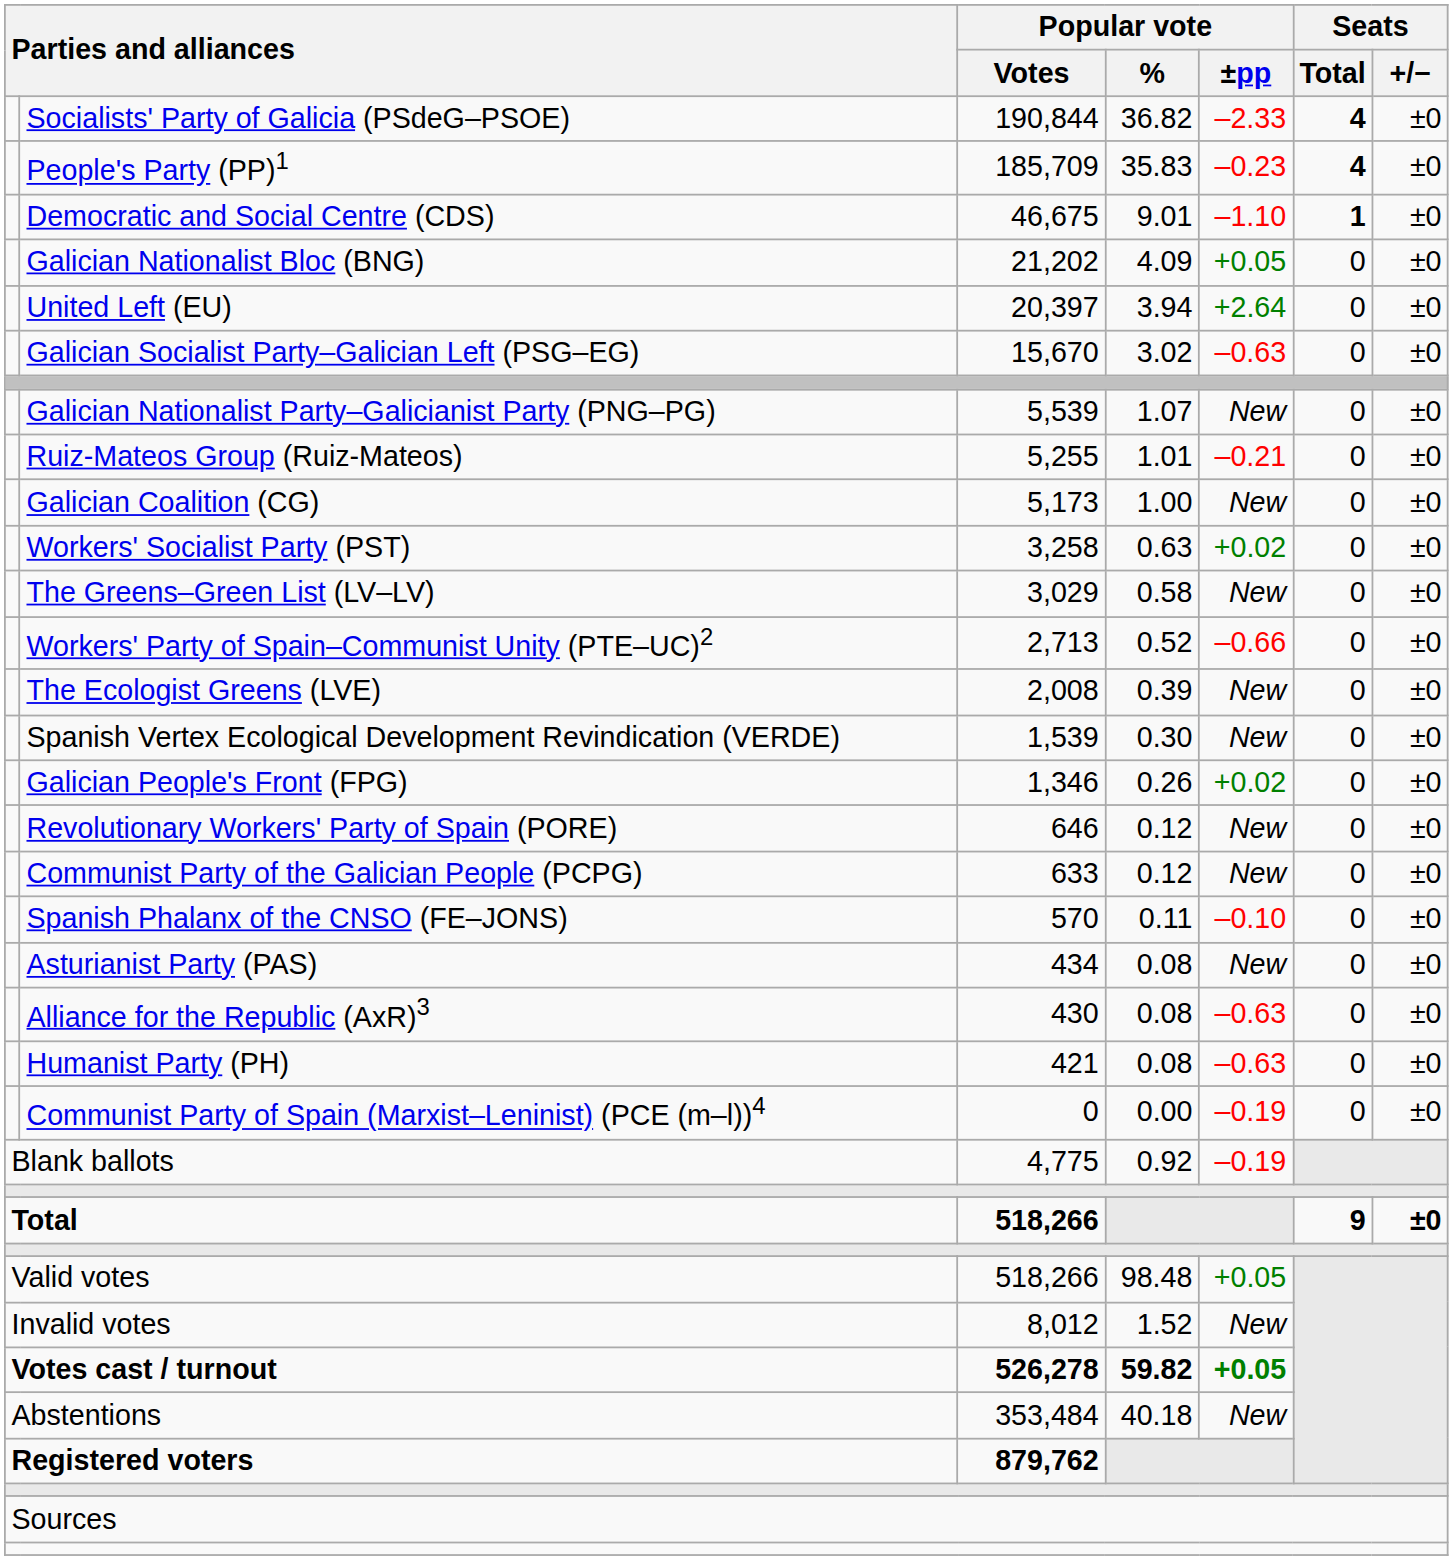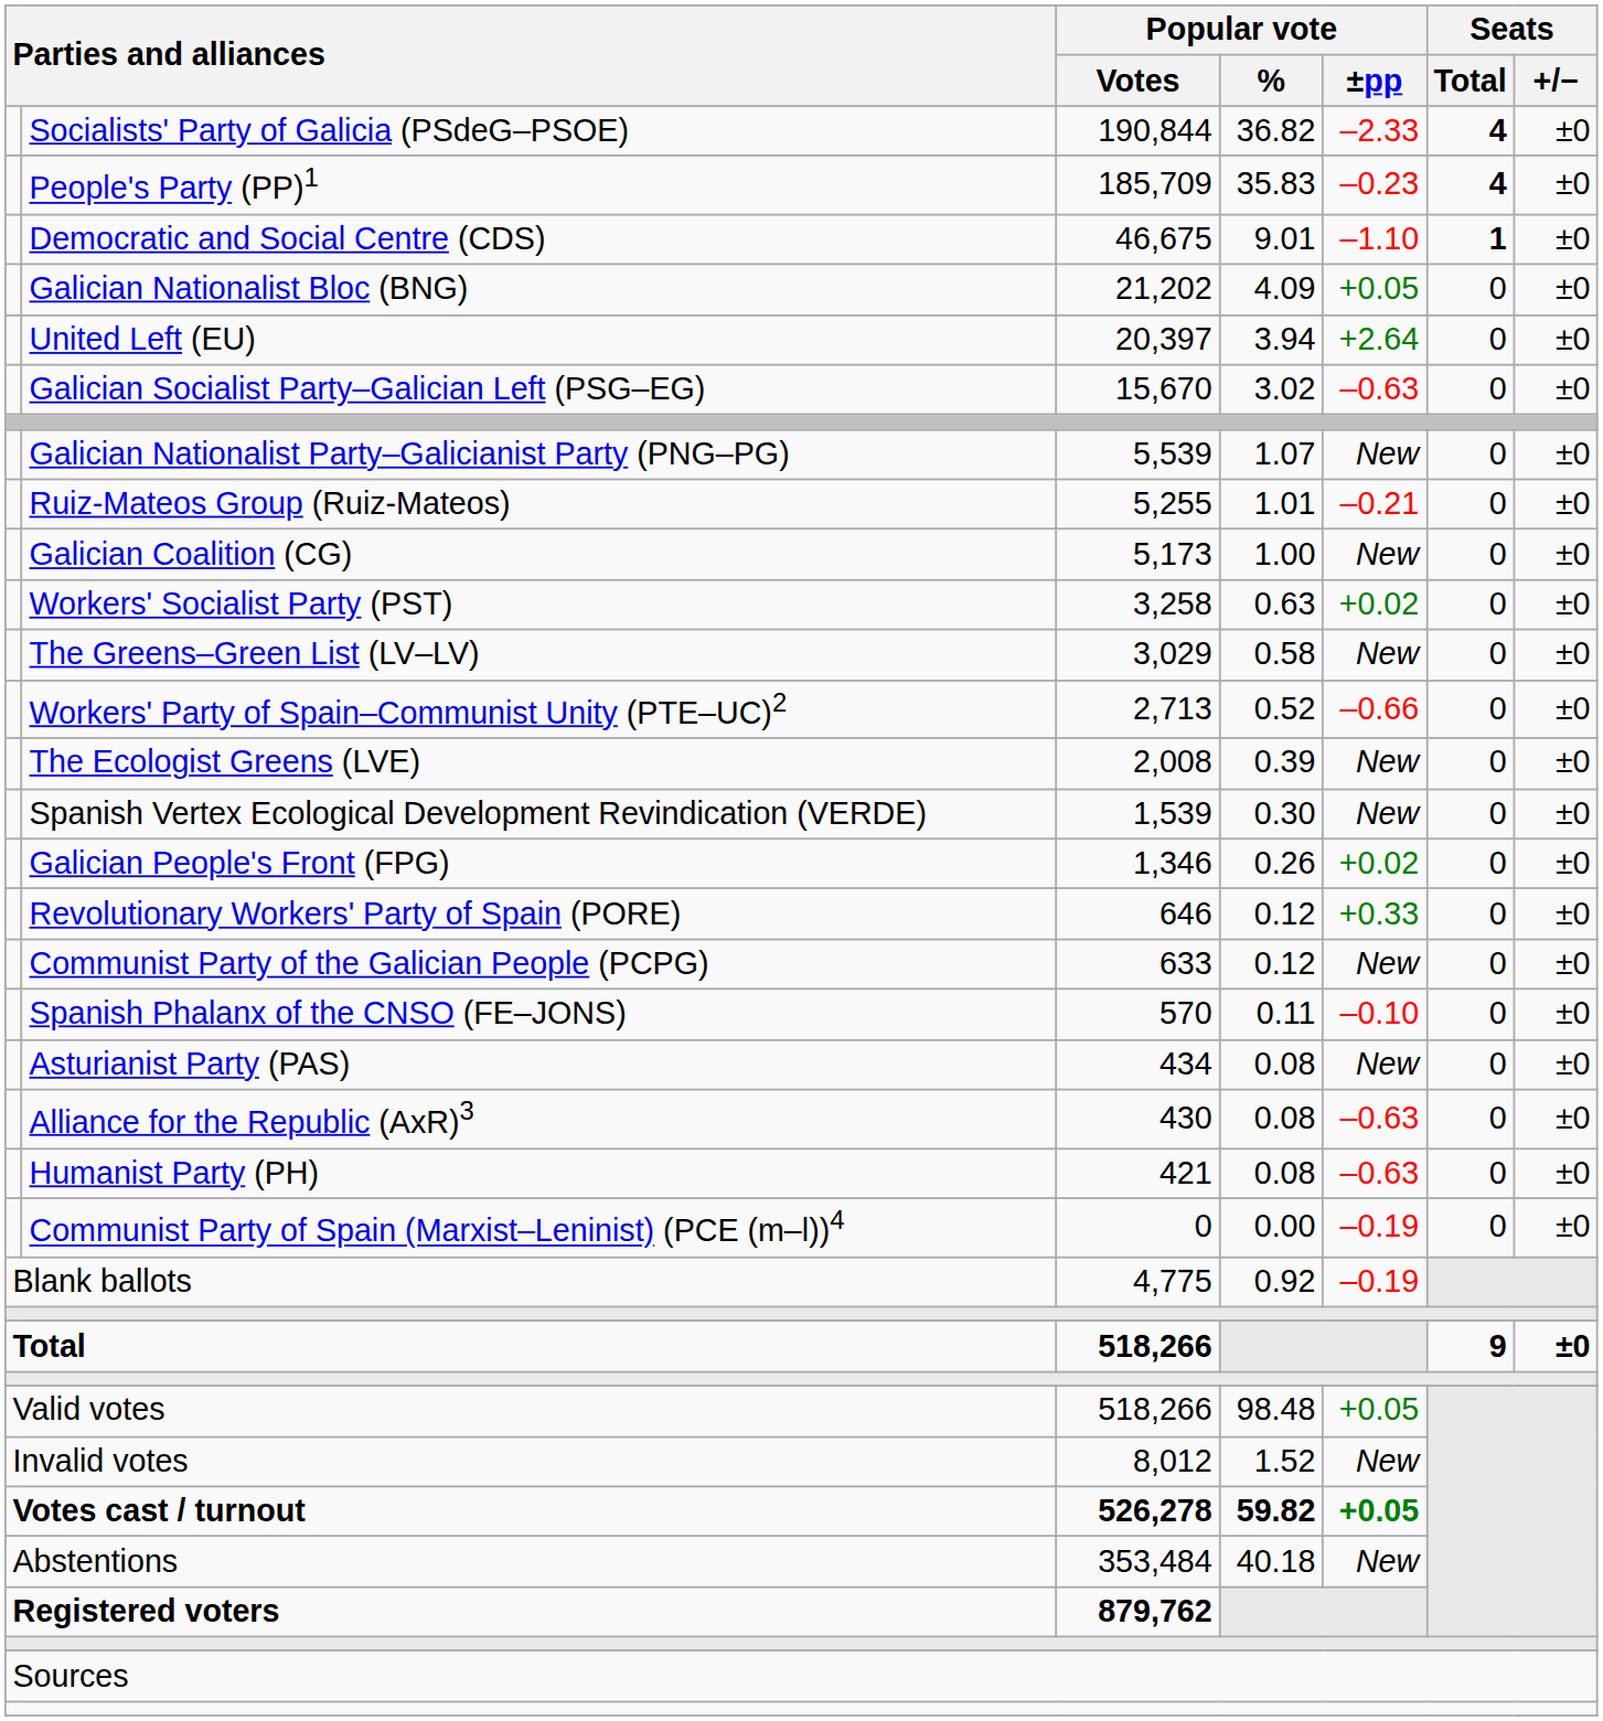 <table class="wikitable" style="text-align:right;">
 <tr>
 <th style="text-align:left;" rowspan="2" colspan="2" width="525">Parties and alliances</th>
 <th colspan="3">Popular vote</th>
 <th colspan="2">Seats</th>
 </tr>
 <tr>
 <th width="75">Votes</th>
 <th width="45">%</th>
 <th width="45">±<a href='#'>pp</a></th>
 <th width="35">Total</th>
 <th width="35">+/−</th>
 </tr>
 <tr>
 <td width="1" style="color:inherit;background:"></td>
 <td align="left"><a href='#'>Socialists' Party of Galicia</a> (PSdeG–PSOE)</td>
 <td>190,844</td>
 <td>36.82</td>
 <td style="color:red;">–2.33</td>
 <td><strong>4</strong></td>
 <td>±0</td>
 </tr>
 <tr>
 <td style="color:inherit;background:"></td>
 <td align="left"><a href='#'>People's Party</a> (PP)<sup>1</sup></td>
 <td>185,709</td>
 <td>35.83</td>
 <td style="color:red;">–0.23</td>
 <td><strong>4</strong></td>
 <td>±0</td>
 </tr>
 <tr>
 <td style="color:inherit;background:"></td>
 <td align="left"><a href='#'>Democratic and Social Centre</a> (CDS)</td>
 <td>46,675</td>
 <td>9.01</td>
 <td style="color:red;">–1.10</td>
 <td><strong>1</strong></td>
 <td>±0</td>
 </tr>
 <tr>
 <td style="color:inherit;background:"></td>
 <td align="left"><a href='#'>Galician Nationalist Bloc</a> (BNG)</td>
 <td>21,202</td>
 <td>4.09</td>
 <td style="color:green;">+0.05</td>
 <td>0</td>
 <td>±0</td>
 </tr>
 <tr>
 <td style="color:inherit;background:"></td>
 <td align="left"><a href='#'>United Left</a> (EU)</td>
 <td>20,397</td>
 <td>3.94</td>
 <td style="color:green;">+2.64</td>
 <td>0</td>
 <td>±0</td>
 </tr>
 <tr>
 <td style="color:inherit;background:"></td>
 <td align="left"><a href='#'>Galician Socialist Party–Galician Left</a> (PSG–EG)</td>
 <td>15,670</td>
 <td>3.02</td>
 <td style="color:red;">–0.63</td>
 <td>0</td>
 <td>±0</td>
 </tr>
 <tr>
 <td colspan="7" bgcolor="#C0C0C0"></td>
 </tr>
 <tr>
 <td style="color:inherit;background:"></td>
 <td align="left"><a href='#'>Galician Nationalist Party–Galicianist Party</a> (PNG–PG)</td>
 <td>5,539</td>
 <td>1.07</td>
 <td><em>New</em></td>
 <td>0</td>
 <td>±0</td>
 </tr>
 <tr>
 <td style="color:inherit;background:"></td>
 <td align="left"><a href='#'>Ruiz-Mateos Group</a> (Ruiz-Mateos)</td>
 <td>5,255</td>
 <td>1.01</td>
 <td style="color:red;">–0.21</td>
 <td>0</td>
 <td>±0</td>
 </tr>
 <tr>
 <td style="color:inherit;background:"></td>
 <td align="left"><a href='#'>Galician Coalition</a> (CG)</td>
 <td>5,173</td>
 <td>1.00</td>
 <td><em>New</em></td>
 <td>0</td>
 <td>±0</td>
 </tr>
 <tr>
 <td style="color:inherit;background:"></td>
 <td align="left"><a href='#'>Workers' Socialist Party</a> (PST)</td>
 <td>3,258</td>
 <td>0.63</td>
 <td style="color:green;">+0.02</td>
 <td>0</td>
 <td>±0</td>
 </tr>
 <tr>
 <td style="color:inherit;background:"></td>
 <td align="left"><a href='#'>The Greens–Green List</a> (LV–LV)</td>
 <td>3,029</td>
 <td>0.58</td>
 <td><em>New</em></td>
 <td>0</td>
 <td>±0</td>
 </tr>
 <tr>
 <td style="color:inherit;background:"></td>
 <td align="left"><a href='#'>Workers' Party of Spain–Communist Unity</a> (PTE–UC)<sup>2</sup></td>
 <td>2,713</td>
 <td>0.52</td>
 <td style="color:red;">–0.66</td>
 <td>0</td>
 <td>±0</td>
 </tr>
 <tr>
 <td style="color:inherit;background:"></td>
 <td align="left"><a href='#'>The Ecologist Greens</a> (LVE)</td>
 <td>2,008</td>
 <td>0.39</td>
 <td><em>New</em></td>
 <td>0</td>
 <td>±0</td>
 </tr>
 <tr>
 <td style="color:inherit;background:"></td>
 <td align="left">Spanish Vertex Ecological Development Revindication (VERDE)</td>
 <td>1,539</td>
 <td>0.30</td>
 <td><em>New</em></td>
 <td>0</td>
 <td>±0</td>
 </tr>
 <tr>
 <td style="color:inherit;background:"></td>
 <td align="left"><a href='#'>Galician People's Front</a> (FPG)</td>
 <td>1,346</td>
 <td>0.26</td>
 <td style="color:green;">+0.02</td>
 <td>0</td>
 <td>±0</td>
 </tr>
 <tr>
 <td style="color:inherit;background:"></td>
 <td align="left"><a href='#'>Revolutionary Workers' Party of Spain</a> (PORE)</td>
 <td>646</td>
 <td>0.12</td>
-<td><em>New</em></td>
+<td style="color:green;">+0.33</td>
 <td>0</td>
 <td>±0</td>
 </tr>
 <tr>
 <td style="color:inherit;background:"></td>
 <td align="left"><a href='#'>Communist Party of the Galician People</a> (PCPG)</td>
 <td>633</td>
 <td>0.12</td>
 <td><em>New</em></td>
 <td>0</td>
 <td>±0</td>
 </tr>
 <tr>
 <td style="color:inherit;background:"></td>
 <td align="left"><a href='#'>Spanish Phalanx of the CNSO</a> (FE–JONS)</td>
 <td>570</td>
 <td>0.11</td>
 <td style="color:red;">–0.10</td>
 <td>0</td>
 <td>±0</td>
 </tr>
 <tr>
 <td style="color:inherit;background:"></td>
 <td align="left"><a href='#'>Asturianist Party</a> (PAS)</td>
 <td>434</td>
 <td>0.08</td>
 <td><em>New</em></td>
 <td>0</td>
 <td>±0</td>
 </tr>
 <tr>
 <td style="color:inherit;background:"></td>
 <td align="left"><a href='#'>Alliance for the Republic</a> (AxR)<sup>3</sup></td>
 <td>430</td>
 <td>0.08</td>
 <td style="color:red;">–0.63</td>
 <td>0</td>
 <td>±0</td>
 </tr>
 <tr>
 <td style="color:inherit;background:"></td>
 <td align="left"><a href='#'>Humanist Party</a> (PH)</td>
 <td>421</td>
 <td>0.08</td>
 <td style="color:red;">–0.63</td>
 <td>0</td>
 <td>±0</td>
 </tr>
 <tr>
 <td style="color:inherit;background:"></td>
 <td align="left"><a href='#'>Communist Party of Spain (Marxist–Leninist)</a> (PCE (m–l))<sup>4</sup></td>
 <td>0</td>
 <td>0.00</td>
 <td style="color:red;">–0.19</td>
 <td>0</td>
 <td>±0</td>
 </tr>
 <tr>
 <td align="left" colspan="2">Blank ballots</td>
 <td>4,775</td>
 <td>0.92</td>
 <td style="color:red;">–0.19</td>
 <td bgcolor="#E9E9E9" colspan="2"></td>
 </tr>
 <tr>
 <td colspan="7" bgcolor="#E9E9E9"></td>
 </tr>
 <tr style="font-weight:bold;">
 <td align="left" colspan="2">Total</td>
 <td>518,266</td>
 <td bgcolor="#E9E9E9" colspan="2"></td>
 <td>9</td>
 <td>±0</td>
 </tr>
 <tr>
 <td colspan="7" bgcolor="#E9E9E9"></td>
 </tr>
 <tr>
 <td align="left" colspan="2">Valid votes</td>
 <td>518,266</td>
 <td>98.48</td>
 <td style="color:green;">+0.05</td>
 <td bgcolor="#E9E9E9" colspan="2" rowspan="5"></td>
 </tr>
 <tr>
 <td align="left" colspan="2">Invalid votes</td>
 <td>8,012</td>
 <td>1.52</td>
 <td><em>New</em></td>
 </tr>
 <tr style="font-weight:bold;">
 <td align="left" colspan="2">Votes cast / turnout</td>
 <td>526,278</td>
 <td>59.82</td>
 <td style="color:green;">+0.05</td>
 </tr>
 <tr>
 <td align="left" colspan="2">Abstentions</td>
 <td>353,484</td>
 <td>40.18</td>
 <td><em>New</em></td>
 </tr>
 <tr style="font-weight:bold;">
 <td align="left" colspan="2">Registered voters</td>
 <td>879,762</td>
 <td bgcolor="#E9E9E9" colspan="2"></td>
 </tr>
 <tr>
 <td colspan="7" bgcolor="#E9E9E9"></td>
 </tr>
 <tr>
 <td align="left" colspan="7">Sources</td>
 </tr>
 <tr>
 <td colspan="7" style="text-align:left; max-width:790px;"></td>
 </tr>
 </table>
